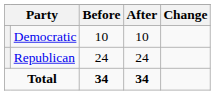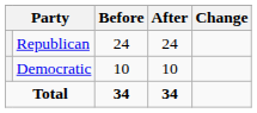 <table class="wikitable" style="text-align:center;">
 <tr>
 </tr>
 <tr>
 <th colspan=2>Party</th>
 <th>Before</th>
 <th>After</th>
 <th>Change</th>
 </tr>
 <tr>
 <th style="background-color:"></th>
-<td style="text-align:left;"><a href='#'>Democratic</a></td>
-<td>10</td>
-<td>10</td>
+<td style="text-align:left;"><a href='#'>Republican</a></td>
+<td>24</td>
+<td>24</td>
 <td></td>
 </tr>
 <tr>
 <th style="background-color:"></th>
-<td style="text-align:left;"><a href='#'>Republican</a></td>
-<td>24</td>
-<td>24</td>
+<td style="text-align:left;"><a href='#'>Democratic</a></td>
+<td>10</td>
+<td>10</td>
 <td></td>
 </tr>
 <tr>
 <td colspan=2><strong>Total</strong></td>
 <td><strong>34</strong></td>
 <td><strong>34</strong></td>
 <td></td>
 </tr>
 </table>
